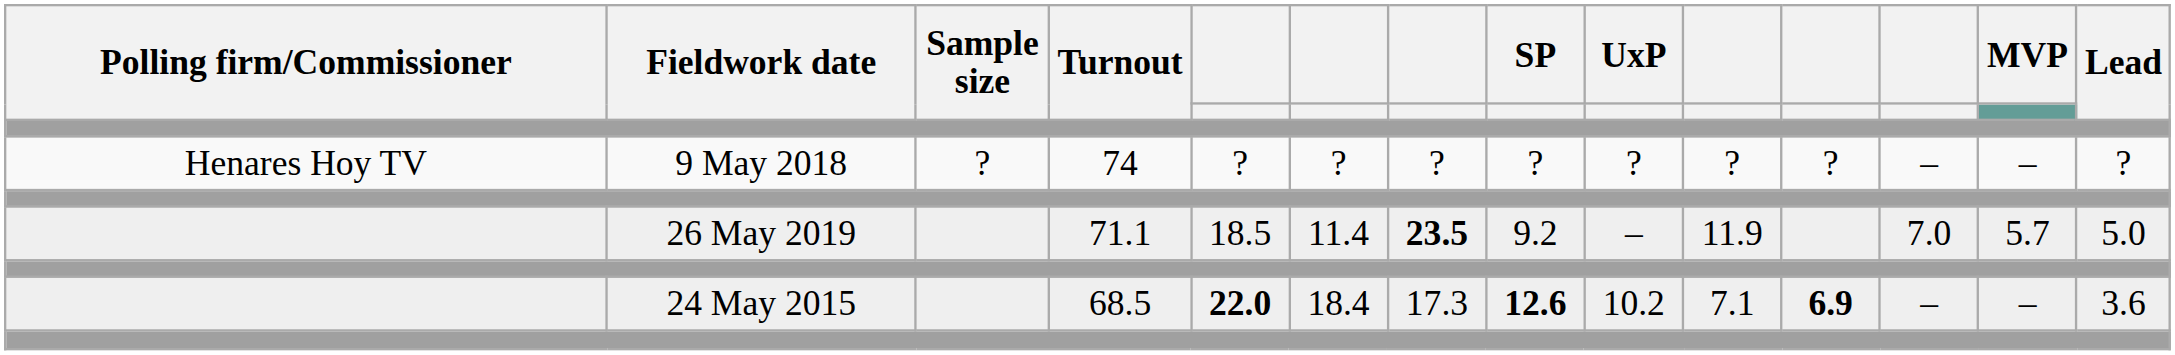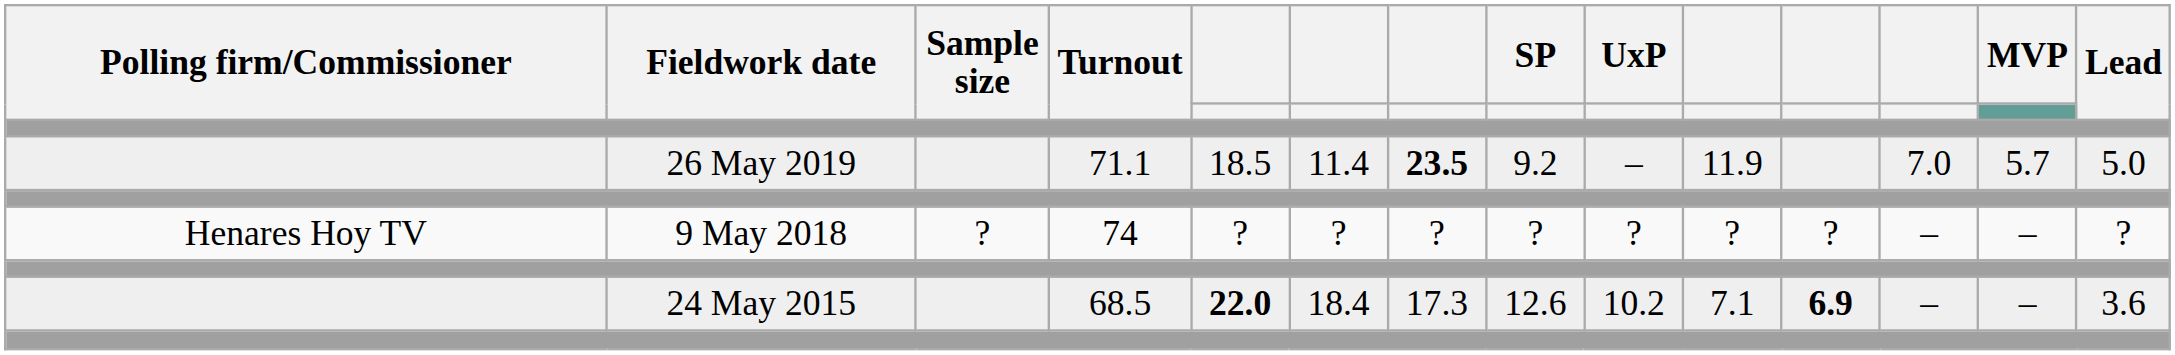 <table class="wikitable collapsible collapsed" style="text-align:center; font-size:95%; line-height:16px;">
 <tr style="height:42px;">
 <th style="width:250px;" rowspan="2">Polling firm/Commissioner</th>
 <th style="width:125px;" rowspan="2">Fieldwork date</th>
 <th style="width:50px;" rowspan="2">Sample size</th>
 <th style="width:45px;" rowspan="2">Turnout</th>
 <th style="width:35px;"></th>
 <th style="width:35px;"></th>
 <th style="width:35px;"></th>
 <th style="width:35px;">SP</th>
 <th style="width:35px;">UxP</th>
 <th style="width:35px;"></th>
 <th style="width:35px;"></th>
 <th style="width:35px;"></th>
 <th style="width:35px;">MVP</th>
 <th style="width:30px;" rowspan="2">Lead</th>
 </tr>
 <tr>
 <th style="color:inherit;background:"></th>
 <th style="color:inherit;background:"></th>
 <th style="color:inherit;background:"></th>
 <th style="color:inherit;background:"></th>
 <th style="color:inherit;background:"></th>
 <th style="color:inherit;background:"></th>
 <th style="color:inherit;background:"></th>
 <th style="color:inherit;background:"></th>
 <th style="color:inherit;background:#639D97;"></th>
 </tr>
 <tr>
 <td colspan="14" style="background:#A0A0A0"></td>
 </tr>
+<tr style="background:#EFEFEF;">
+<td><strong></strong></td>
+<td>26 May 2019</td>
+<td></td>
+<td>71.1</td>
+<td>18.5<br></td>
+<td>11.4<br></td>
+<td><strong>23.5</strong><br></td>
+<td>9.2<br></td>
+<td>–</td>
+<td>11.9<br></td>
+<td></td>
+<td>7.0<br></td>
+<td>5.7<br></td>
+<td style="background:">5.0</td>
+</tr>
+<tr>
+<td colspan="14" style="background:#A0A0A0"></td>
+</tr>
 <tr>
 <td>Henares Hoy TV</td>
 <td>9 May 2018</td>
 <td>?</td>
 <td>74</td>
 <td>?<br></td>
 <td>?<br></td>
 <td>?<br></td>
 <td>?<br></td>
 <td>?<br></td>
 <td>?<br></td>
 <td>?<br></td>
 <td>–</td>
 <td>–</td>
 <td style="background:">?</td>
 </tr>
 <tr>
 <td colspan="14" style="background:#A0A0A0"></td>
 </tr>
 <tr style="background:#EFEFEF;">
 <td><strong></strong></td>
-<td>26 May 2019</td>
-<td></td>
-<td>71.1</td>
-<td>18.5<br></td>
-<td>11.4<br></td>
-<td><strong>23.5</strong><br></td>
-<td>9.2<br></td>
-<td>–</td>
-<td>11.9<br></td>
-<td></td>
-<td>7.0<br></td>
-<td>5.7<br></td>
-<td style="background:">5.0</td>
-</tr>
-<tr>
-<td colspan="14" style="background:#A0A0A0"></td>
-</tr>
-<tr style="background:#EFEFEF;">
-<td><strong></strong></td>
 <td>24 May 2015</td>
 <td></td>
 <td>68.5</td>
 <td><strong>22.0</strong><br></td>
 <td>18.4<br></td>
 <td>17.3<br></td>
-<td><strong>12.6<br></strong></td>
+<td>12.6<br></td>
 <td>10.2<br></td>
 <td>7.1<br></td>
 <td><strong>6.9<br></strong></td>
 <td>–</td>
 <td>–</td>
 <td style="background:">3.6</td>
 </tr>
 <tr>
 <td colspan="14" style="background:#A0A0A0"></td>
 </tr>
 </table>
